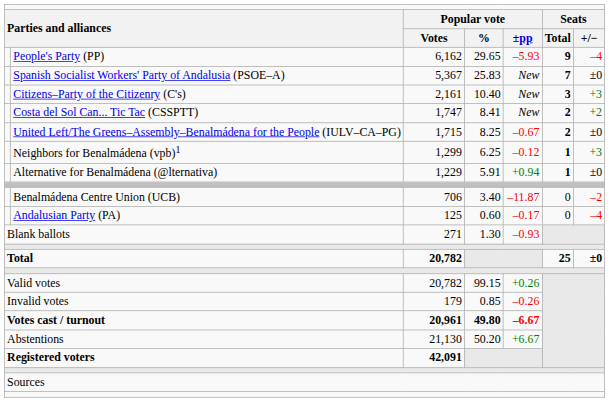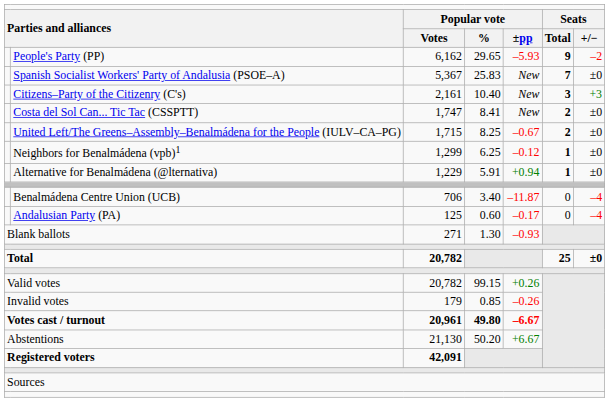 <table class="wikitable" style="text-align:right;">
 <tr>
 <td colspan="7"></td>
 </tr>
 <tr>
 <th style="text-align:left;" rowspan="2" colspan="2" width="525">Parties and alliances</th>
 <th colspan="3">Popular vote</th>
 <th colspan="2">Seats</th>
 </tr>
 <tr>
 <th width="75">Votes</th>
 <th width="45">%</th>
 <th width="45">±<a href='#'>pp</a></th>
 <th width="35">Total</th>
 <th width="35">+/−</th>
 </tr>
 <tr>
 <td width="1" style="color:inherit;background:"></td>
 <td align="left"><a href='#'>People's Party</a> (PP)</td>
 <td>6,162</td>
 <td>29.65</td>
 <td style="color:red;">–5.93</td>
 <td><strong>9</strong></td>
-<td style="color:red;">–4</td>
+<td style="color:red;">–2</td>
 </tr>
 <tr>
 <td style="color:inherit;background:"></td>
 <td align="left"><a href='#'>Spanish Socialist Workers' Party of Andalusia</a> (PSOE–A)</td>
 <td>5,367</td>
 <td>25.83</td>
 <td><em>New</em></td>
 <td><strong>7</strong></td>
 <td>±0</td>
 </tr>
 <tr>
 <td style="color:inherit;background:"></td>
 <td align="left"><a href='#'>Citizens–Party of the Citizenry</a> (C's)</td>
 <td>2,161</td>
 <td>10.40</td>
 <td><em>New</em></td>
 <td><strong>3</strong></td>
 <td style="color:green;">+3</td>
 </tr>
 <tr>
 <td style="color:inherit;background:"></td>
 <td align="left"><a href='#'>Costa del Sol Can... Tic Tac</a> (CSSPTT)</td>
 <td>1,747</td>
 <td>8.41</td>
 <td><em>New</em></td>
 <td><strong>2</strong></td>
-<td style="color:green;">+2</td>
+<td>±0</td>
 </tr>
 <tr>
 <td style="color:inherit;background:"></td>
 <td align="left"><a href='#'>United Left/The Greens–Assembly–Benalmádena for the People</a> (IULV–CA–PG)</td>
 <td>1,715</td>
 <td>8.25</td>
 <td style="color:red;">–0.67</td>
 <td><strong>2</strong></td>
 <td>±0</td>
 </tr>
 <tr>
 <td style="color:inherit;background:"></td>
 <td align="left">Neighbors for Benalmádena (vpb)<sup>1</sup></td>
 <td>1,299</td>
 <td>6.25</td>
 <td style="color:red;">–0.12</td>
 <td><strong>1</strong></td>
-<td style="color:green;">+3</td>
+<td>±0</td>
 </tr>
 <tr>
 <td style="color:inherit;background:"></td>
 <td align="left">Alternative for Benalmádena (@lternativa)</td>
 <td>1,229</td>
 <td>5.91</td>
 <td style="color:green;">+0.94</td>
 <td><strong>1</strong></td>
 <td>±0</td>
 </tr>
 <tr>
 <td colspan="7" bgcolor="#C0C0C0"></td>
 </tr>
 <tr>
 <td style="color:inherit;background:"></td>
 <td align="left">Benalmádena Centre Union (UCB)</td>
 <td>706</td>
 <td>3.40</td>
 <td style="color:red;">–11.87</td>
 <td>0</td>
-<td style="color:red;">–2</td>
+<td style="color:red;">–4</td>
 </tr>
 <tr>
 <td style="color:inherit;background:"></td>
 <td align="left"><a href='#'>Andalusian Party</a> (PA)</td>
 <td>125</td>
 <td>0.60</td>
 <td style="color:red;">–0.17</td>
 <td>0</td>
 <td style="color:red;">–4</td>
 </tr>
 <tr>
 <td align="left" colspan="2">Blank ballots</td>
 <td>271</td>
 <td>1.30</td>
 <td style="color:red;">–0.93</td>
 <td bgcolor="#E9E9E9" colspan="2"></td>
 </tr>
 <tr>
 <td colspan="7" bgcolor="#E9E9E9"></td>
 </tr>
 <tr style="font-weight:bold;">
 <td align="left" colspan="2">Total</td>
 <td>20,782</td>
 <td bgcolor="#E9E9E9" colspan="2"></td>
 <td>25</td>
 <td>±0</td>
 </tr>
 <tr>
 <td colspan="7" bgcolor="#E9E9E9"></td>
 </tr>
 <tr>
 <td align="left" colspan="2">Valid votes</td>
 <td>20,782</td>
 <td>99.15</td>
 <td style="color:green;">+0.26</td>
 <td bgcolor="#E9E9E9" colspan="2" rowspan="5"></td>
 </tr>
 <tr>
 <td align="left" colspan="2">Invalid votes</td>
 <td>179</td>
 <td>0.85</td>
 <td style="color:red;">–0.26</td>
 </tr>
 <tr style="font-weight:bold;">
 <td align="left" colspan="2">Votes cast / turnout</td>
 <td>20,961</td>
 <td>49.80</td>
 <td style="color:red;">–6.67</td>
 </tr>
 <tr>
 <td align="left" colspan="2">Abstentions</td>
 <td>21,130</td>
 <td>50.20</td>
 <td style="color:green;">+6.67</td>
 </tr>
 <tr style="font-weight:bold;">
 <td align="left" colspan="2">Registered voters</td>
 <td>42,091</td>
 <td bgcolor="#E9E9E9" colspan="2"></td>
 </tr>
 <tr>
 <td colspan="7" bgcolor="#E9E9E9"></td>
 </tr>
 <tr>
 <td align="left" colspan="7">Sources</td>
 </tr>
 <tr>
 <td colspan="7" style="text-align:left; max-width:790px;"></td>
 </tr>
 </table>
